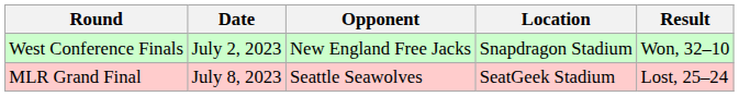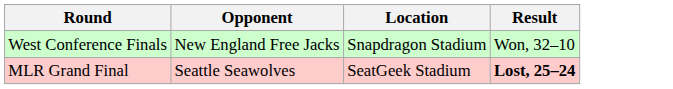 <table class="wikitable">
 <tr>
 <th>Round</th>
-<th>Date</th>
 <th>Opponent</th>
 <th>Location</th>
 <th>Result</th>
 </tr>
 <tr bgcolor="#CCFFCC">
 <td>West Conference Finals</td>
-<td>July 2, 2023</td>
 <td>New England Free Jacks</td>
 <td>Snapdragon Stadium</td>
 <td>Won, 32–10</td>
 </tr>
 <tr bgcolor="FFCCCC">
 <td>MLR Grand Final</td>
-<td>July 8, 2023</td>
 <td>Seattle Seawolves</td>
 <td>SeatGeek Stadium</td>
-<td>Lost, 25–24</td>
+<td><strong>Lost, 25–24</strong></td>
 </tr>
 </table>
